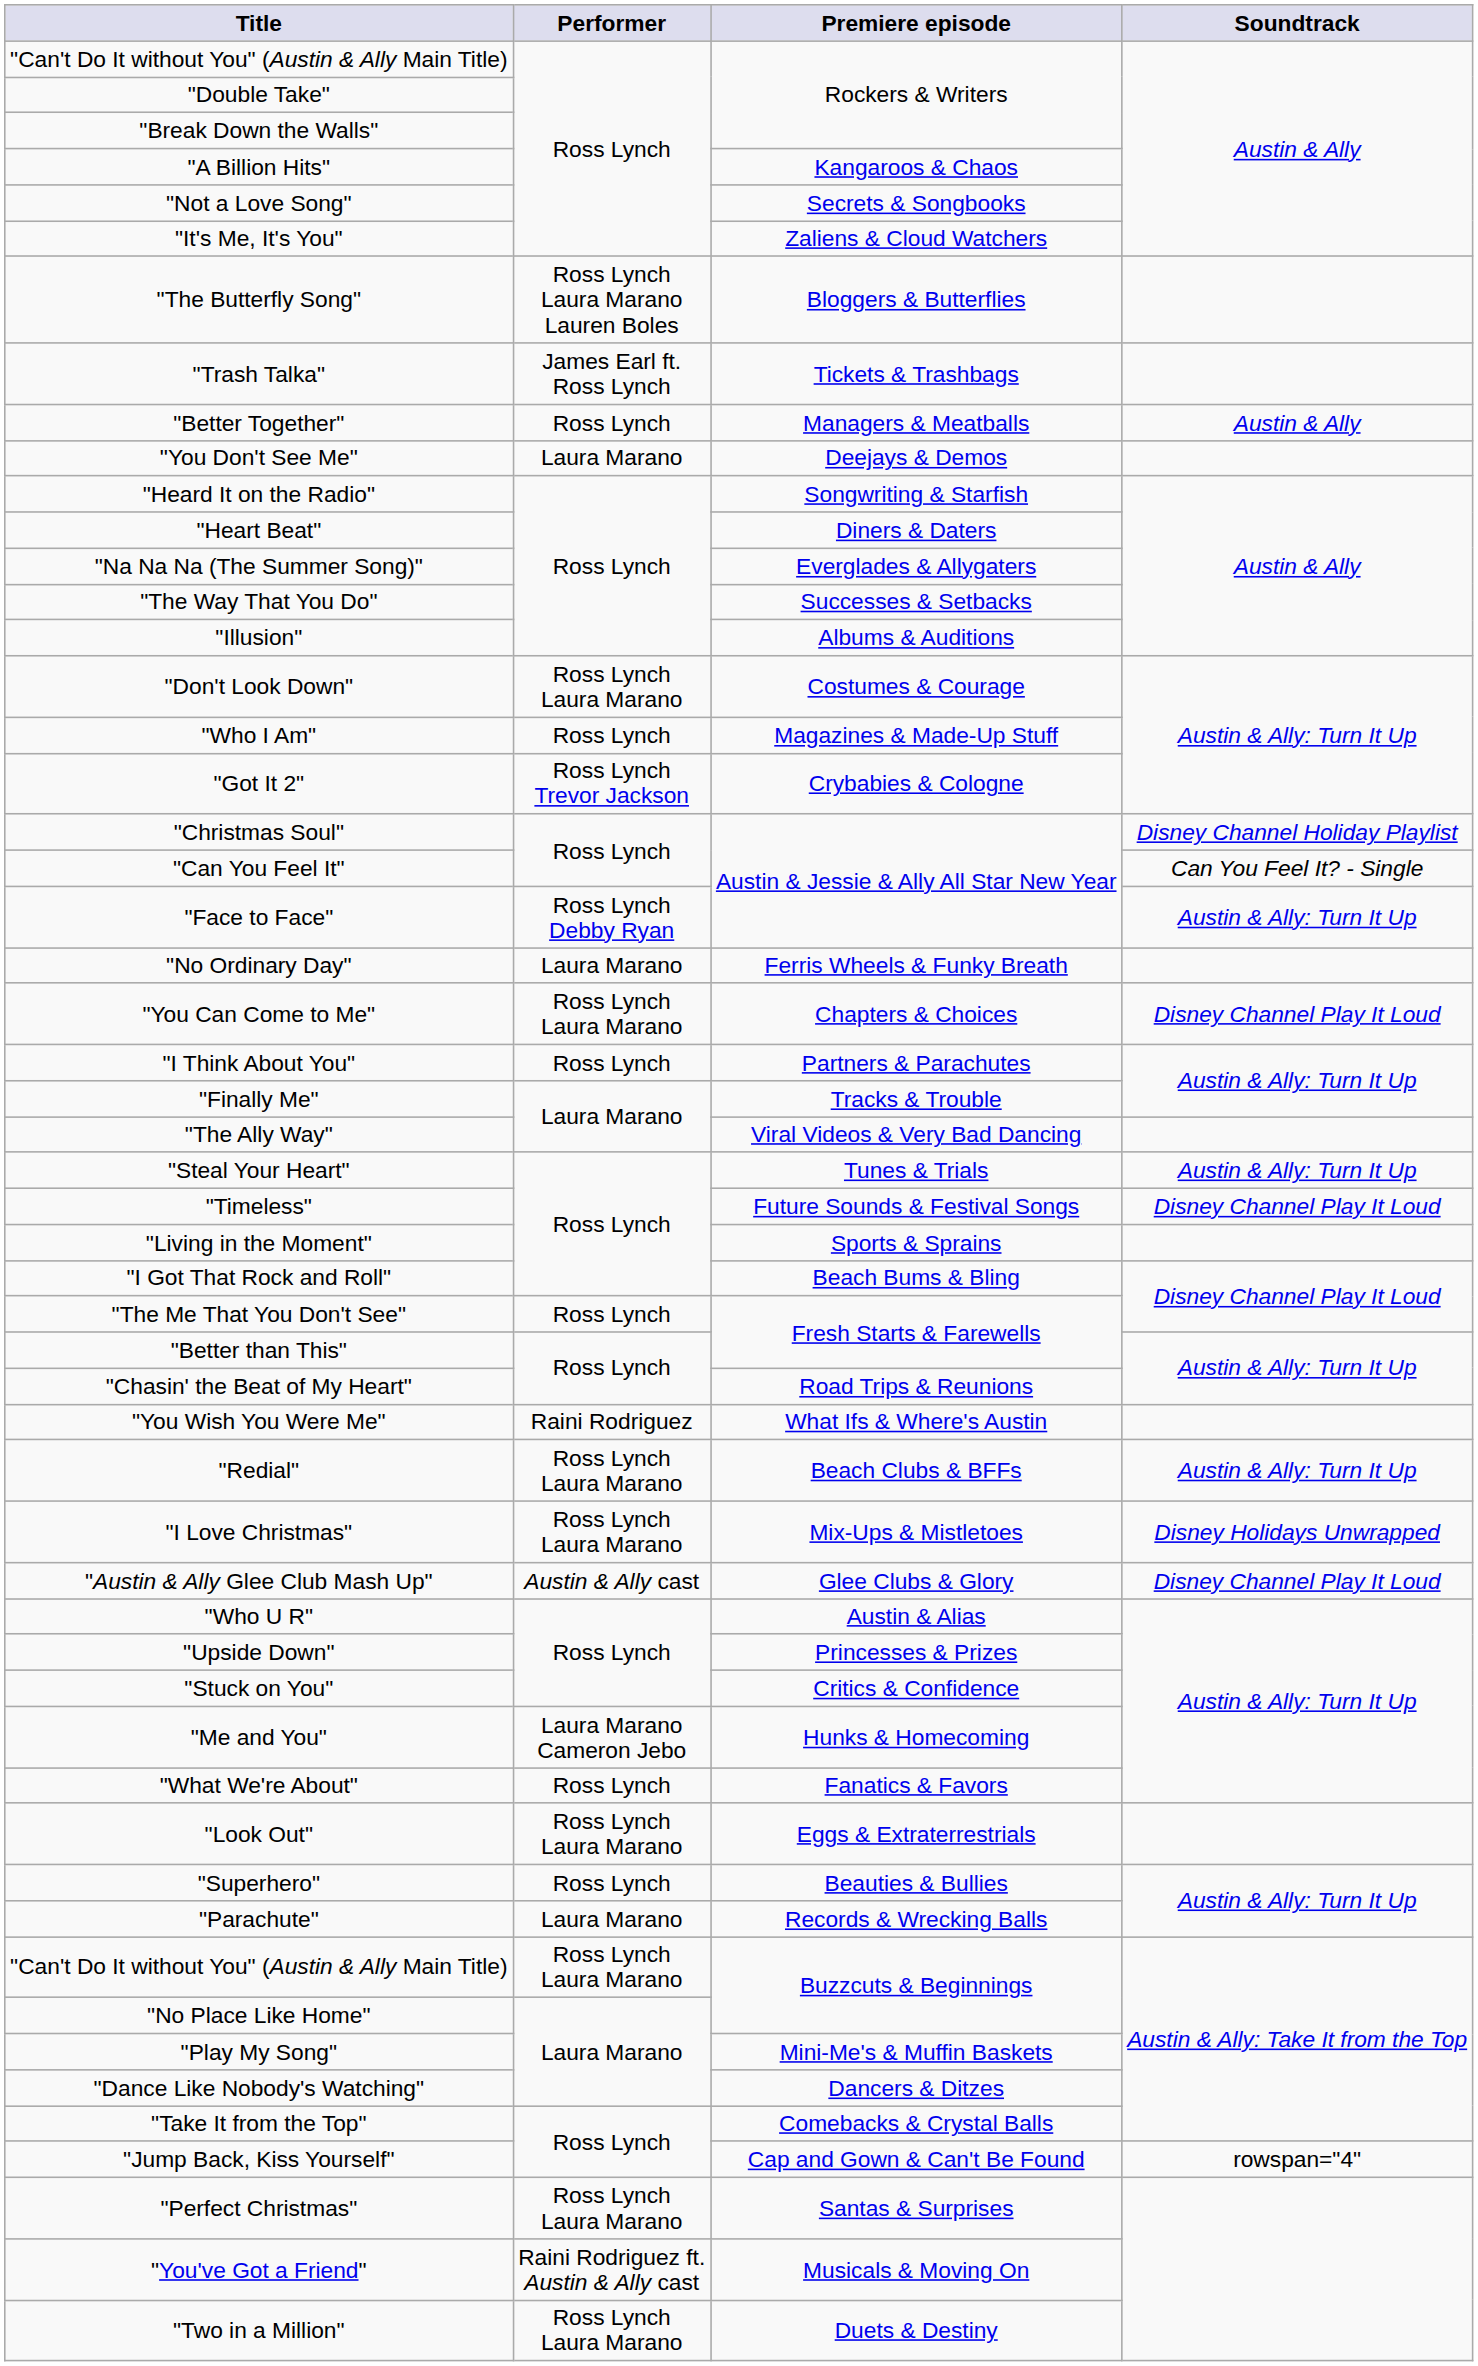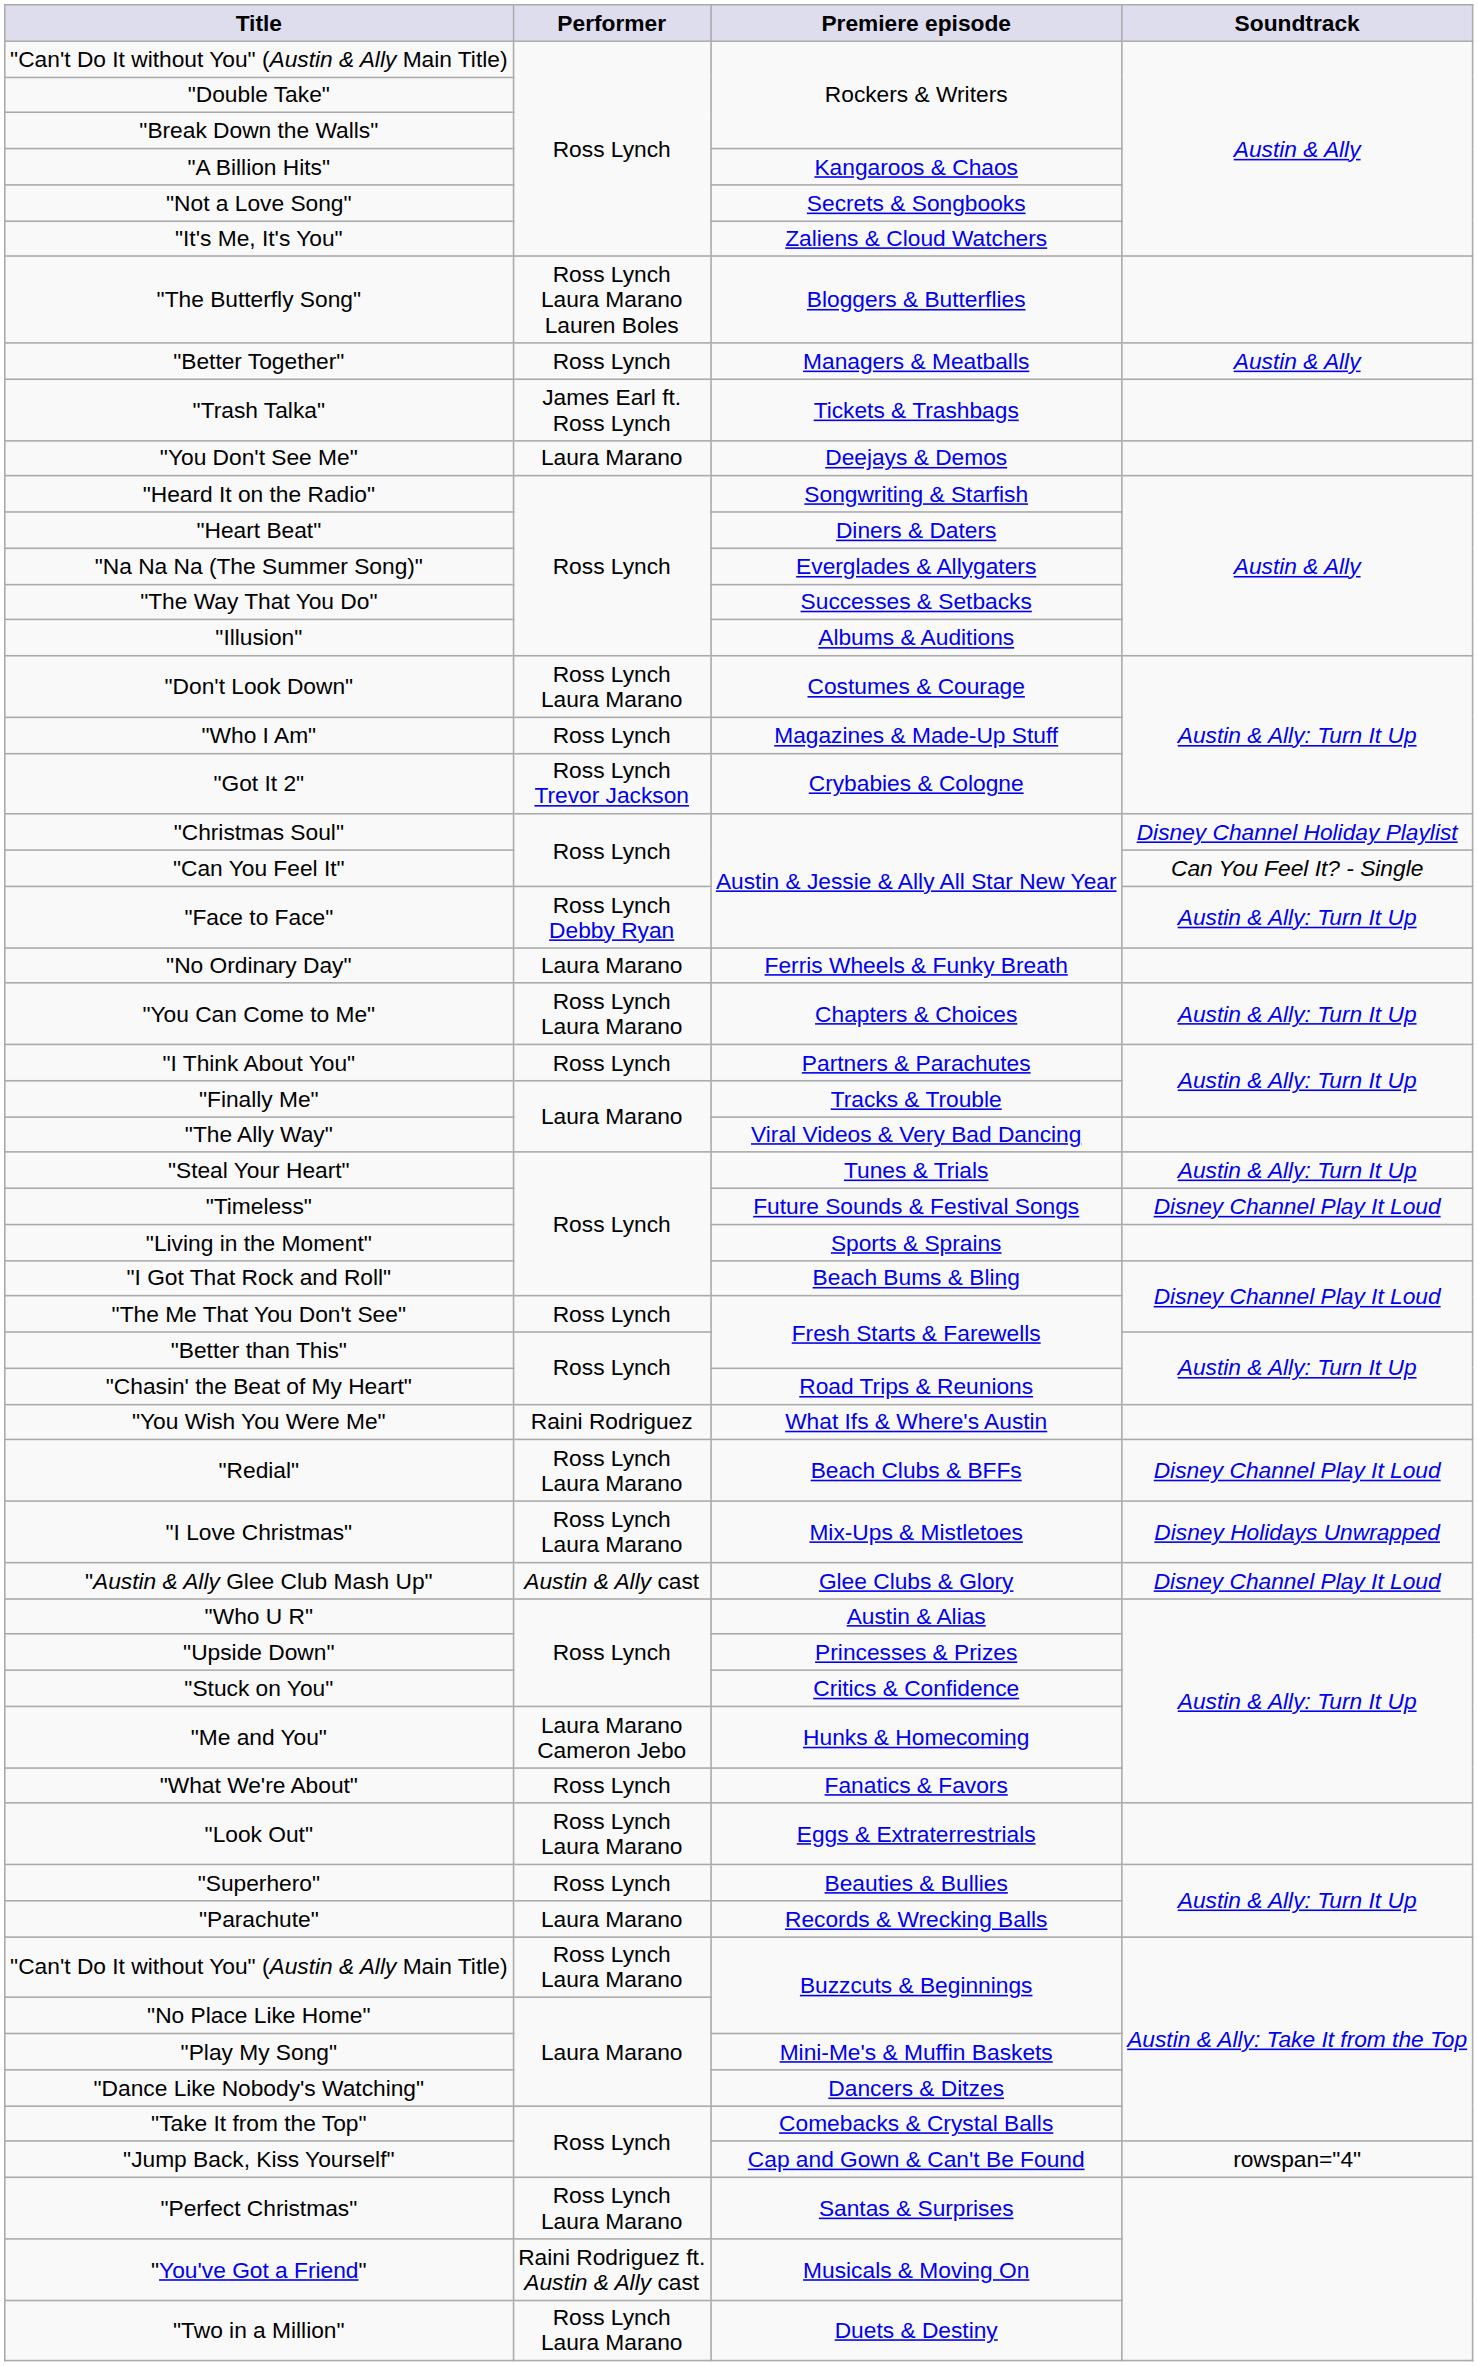 <table class="wikitable sortable plainrowheaders" style="font-size:90%; text-align: center">
 <tr>
 <th scope="col" style="background:#DDDDEE;">Title</th>
 <th scope="col" style="background:#DDDDEE;">Performer</th>
 <th scope="col" style="background:#DDDDEE;">Premiere episode</th>
 <th scope="col" style="background:#DDDDEE;">Soundtrack</th>
 </tr>
 <tr>
 <td scope="row">"Can't Do It without You" (<em>Austin & Ally</em> Main Title)</td>
 <td rowspan="6">Ross Lynch</td>
 <td rowspan="3">Rockers & Writers</td>
 <td rowspan="6"><em><a href='#'>Austin & Ally</a></em></td>
 </tr>
 <tr>
 <td scope="row">"Double Take"</td>
 </tr>
 <tr>
 <td scope="row">"Break Down the Walls"</td>
 </tr>
 <tr>
 <td scope="row">"A Billion Hits"</td>
 <td><a href='#'>Kangaroos & Chaos</a></td>
 </tr>
 <tr>
 <td scope="row">"Not a Love Song"</td>
 <td><a href='#'>Secrets & Songbooks</a></td>
 </tr>
 <tr>
 <td scope="row">"It's Me, It's You"</td>
 <td><a href='#'>Zaliens & Cloud Watchers</a></td>
 </tr>
 <tr>
 <td scope="row">"The Butterfly Song"</td>
 <td>Ross Lynch<br>Laura Marano<br>Lauren Boles</td>
 <td><a href='#'>Bloggers & Butterflies</a></td>
 <td></td>
 </tr>
 <tr>
+<td scope="row">"Better Together"</td>
+<td>Ross Lynch</td>
+<td><a href='#'>Managers & Meatballs</a></td>
+<td><em><a href='#'>Austin & Ally</a></em></td>
+</tr>
+<tr>
 <td scope="row">"Trash Talka"</td>
 <td>James Earl ft.<br>Ross Lynch</td>
 <td><a href='#'>Tickets & Trashbags</a></td>
 <td></td>
-</tr>
-<tr>
-<td scope="row">"Better Together"</td>
-<td>Ross Lynch</td>
-<td><a href='#'>Managers & Meatballs</a></td>
-<td><em><a href='#'>Austin & Ally</a></em></td>
 </tr>
 <tr>
 <td scope="row">"You Don't See Me"</td>
 <td>Laura Marano</td>
 <td><a href='#'>Deejays & Demos</a></td>
 <td></td>
 </tr>
 <tr>
 <td scope="row">"Heard It on the Radio"</td>
 <td rowspan="5">Ross Lynch</td>
 <td><a href='#'>Songwriting & Starfish</a></td>
 <td rowspan="5"><em><a href='#'>Austin & Ally</a></em></td>
 </tr>
 <tr>
 <td scope="row">"Heart Beat"</td>
 <td><a href='#'>Diners & Daters</a></td>
 </tr>
 <tr>
 <td scope="row">"Na Na Na (The Summer Song)"</td>
 <td><a href='#'>Everglades & Allygaters</a></td>
 </tr>
 <tr>
 <td scope="row">"The Way That You Do"</td>
 <td><a href='#'>Successes & Setbacks</a></td>
 </tr>
 <tr>
 <td scope="row">"Illusion"</td>
 <td><a href='#'>Albums & Auditions</a></td>
 </tr>
 <tr>
 <td scope="row">"Don't Look Down"</td>
 <td>Ross Lynch<br>Laura Marano</td>
 <td><a href='#'>Costumes & Courage</a></td>
 <td rowspan="3"><em><a href='#'>Austin & Ally: Turn It Up</a></em></td>
 </tr>
 <tr>
 <td scope="row">"Who I Am"</td>
 <td>Ross Lynch</td>
 <td><a href='#'>Magazines & Made-Up Stuff</a></td>
 </tr>
 <tr>
 <td scope="row">"Got It 2"</td>
 <td>Ross Lynch<br><a href='#'>Trevor Jackson</a></td>
 <td><a href='#'>Crybabies & Cologne</a></td>
 </tr>
 <tr>
 <td scope="row">"Christmas Soul"</td>
 <td rowspan="2">Ross Lynch</td>
 <td rowspan="3"><a href='#'>Austin & Jessie & Ally All Star New Year</a></td>
 <td><em><a href='#'>Disney Channel Holiday Playlist</a></em></td>
 </tr>
 <tr>
 <td scope="row">"Can You Feel It"</td>
 <td><em>Can You Feel It? - Single</em></td>
 </tr>
 <tr>
 <td scope="row">"Face to Face"</td>
 <td>Ross Lynch<br><a href='#'>Debby Ryan</a></td>
 <td><em><a href='#'>Austin & Ally: Turn It Up</a></em></td>
 </tr>
 <tr>
 <td scope="row">"No Ordinary Day"</td>
 <td>Laura Marano</td>
 <td><a href='#'>Ferris Wheels & Funky Breath</a></td>
 <td></td>
 </tr>
 <tr>
 <td scope="row">"You Can Come to Me"</td>
 <td>Ross Lynch<br>Laura Marano</td>
 <td><a href='#'>Chapters & Choices</a></td>
-<td><em><a href='#'>Disney Channel Play It Loud</a></em></td>
+<td><em><a href='#'>Austin & Ally: Turn It Up</a></em></td>
 </tr>
 <tr>
 <td scope="row">"I Think About You"</td>
 <td>Ross Lynch</td>
 <td><a href='#'>Partners & Parachutes</a></td>
 <td rowspan="2"><em><a href='#'>Austin & Ally: Turn It Up</a></em></td>
 </tr>
 <tr>
 <td scope="row">"Finally Me"</td>
 <td rowspan="2">Laura Marano</td>
 <td><a href='#'>Tracks & Trouble</a></td>
 </tr>
 <tr>
 <td scope="row">"The Ally Way"</td>
 <td><a href='#'>Viral Videos & Very Bad Dancing</a></td>
 <td></td>
 </tr>
 <tr>
 <td scope="row">"Steal Your Heart"</td>
 <td rowspan="4">Ross Lynch</td>
 <td><a href='#'>Tunes & Trials</a></td>
 <td><em><a href='#'>Austin & Ally: Turn It Up</a></em></td>
 </tr>
 <tr>
 <td scope="row">"Timeless"</td>
 <td><a href='#'>Future Sounds & Festival Songs</a></td>
 <td><em><a href='#'>Disney Channel Play It Loud</a></em></td>
 </tr>
 <tr>
 <td scope="row">"Living in the Moment"</td>
 <td><a href='#'>Sports & Sprains</a></td>
 <td></td>
 </tr>
 <tr>
 <td scope="row">"I Got That Rock and Roll"</td>
 <td><a href='#'>Beach Bums & Bling</a></td>
 <td rowspan="2"><em><a href='#'>Disney Channel Play It Loud</a></em></td>
 </tr>
 <tr>
 <td scope="row">"The Me That You Don't See"</td>
 <td>Ross Lynch</td>
 <td rowspan="2"><a href='#'>Fresh Starts & Farewells</a></td>
 </tr>
 <tr>
 <td scope="row">"Better than This"</td>
 <td rowspan="2">Ross Lynch</td>
 <td rowspan="2"><em><a href='#'>Austin & Ally: Turn It Up</a></em></td>
 </tr>
 <tr>
 <td scope="row">"Chasin' the Beat of My Heart"</td>
 <td><a href='#'>Road Trips & Reunions</a></td>
 </tr>
 <tr>
 <td scope="row">"You Wish You Were Me"</td>
 <td>Raini Rodriguez</td>
 <td><a href='#'>What Ifs & Where's Austin</a></td>
 <td></td>
 </tr>
 <tr>
 <td scope="row">"Redial"</td>
 <td>Ross Lynch<br>Laura Marano</td>
 <td><a href='#'>Beach Clubs & BFFs</a></td>
-<td><em><a href='#'>Austin & Ally: Turn It Up</a></em></td>
+<td><em><a href='#'>Disney Channel Play It Loud</a></em></td>
 </tr>
 <tr>
 <td scope="row">"I Love Christmas"</td>
 <td>Ross Lynch<br>Laura Marano</td>
 <td><a href='#'>Mix-Ups & Mistletoes</a></td>
 <td><em><a href='#'>Disney Holidays Unwrapped</a></em></td>
 </tr>
 <tr>
 <td scope="row">"<em>Austin & Ally</em> Glee Club Mash Up"</td>
 <td><em>Austin & Ally</em> cast</td>
 <td><a href='#'>Glee Clubs & Glory</a></td>
 <td><em><a href='#'>Disney Channel Play It Loud</a></em></td>
 </tr>
 <tr>
 <td scope="row">"Who U R"</td>
 <td rowspan="3">Ross Lynch</td>
 <td><a href='#'>Austin & Alias</a></td>
 <td rowspan="5"><em><a href='#'>Austin & Ally: Turn It Up</a></em></td>
 </tr>
 <tr>
 <td scope="row">"Upside Down"</td>
 <td><a href='#'>Princesses & Prizes</a></td>
 </tr>
 <tr>
 <td scope="row">"Stuck on You"</td>
 <td><a href='#'>Critics & Confidence</a></td>
 </tr>
 <tr>
 <td scope="row">"Me and You"</td>
 <td>Laura Marano<br>Cameron Jebo</td>
 <td><a href='#'>Hunks & Homecoming</a></td>
 </tr>
 <tr>
 <td scope="row">"What We're About"</td>
 <td>Ross Lynch</td>
 <td><a href='#'>Fanatics & Favors</a></td>
 </tr>
 <tr>
 <td scope="row">"Look Out"</td>
 <td>Ross Lynch<br>Laura Marano</td>
 <td><a href='#'>Eggs & Extraterrestrials</a></td>
 <td></td>
 </tr>
 <tr>
 <td scope="row">"Superhero"</td>
 <td>Ross Lynch</td>
 <td><a href='#'>Beauties & Bullies</a></td>
 <td rowspan="2"><em><a href='#'>Austin & Ally: Turn It Up</a></em></td>
 </tr>
 <tr>
 <td scope="row">"Parachute"</td>
 <td>Laura Marano</td>
 <td><a href='#'>Records & Wrecking Balls</a></td>
 </tr>
 <tr>
 <td scope="row">"Can't Do It without You" (<em>Austin & Ally</em> Main Title)</td>
 <td>Ross Lynch<br>Laura Marano</td>
 <td rowspan="2"><a href='#'>Buzzcuts & Beginnings</a></td>
 <td rowspan="5"><em><a href='#'>Austin & Ally: Take It from the Top</a></em></td>
 </tr>
 <tr>
 <td scope="row">"No Place Like Home"</td>
 <td rowspan="3">Laura Marano</td>
 </tr>
 <tr>
 <td scope="row">"Play My Song"</td>
 <td><a href='#'>Mini-Me's & Muffin Baskets</a></td>
 </tr>
 <tr>
 <td scope="row">"Dance Like Nobody's Watching"</td>
 <td><a href='#'>Dancers & Ditzes</a></td>
 </tr>
 <tr>
 <td scope="row">"Take It from the Top"</td>
 <td rowspan="2">Ross Lynch</td>
 <td><a href='#'>Comebacks & Crystal Balls</a></td>
 </tr>
 <tr>
 <td scope="row">"Jump Back, Kiss Yourself"</td>
 <td><a href='#'>Cap and Gown & Can't Be Found</a></td>
 <td>rowspan="4" </td>
 </tr>
 <tr>
 <td scope="row">"Perfect Christmas"</td>
 <td>Ross Lynch<br>Laura Marano</td>
 <td><a href='#'>Santas & Surprises</a></td>
 </tr>
 <tr>
 <td scope="row">"<a href='#'>You've Got a Friend</a>"</td>
 <td>Raini Rodriguez ft.<br><em>Austin & Ally</em> cast</td>
 <td><a href='#'>Musicals & Moving On</a></td>
 </tr>
 <tr>
 <td scope="row">"Two in a Million"</td>
 <td>Ross Lynch<br>Laura Marano</td>
 <td><a href='#'>Duets & Destiny</a></td>
 </tr>
 </table>
